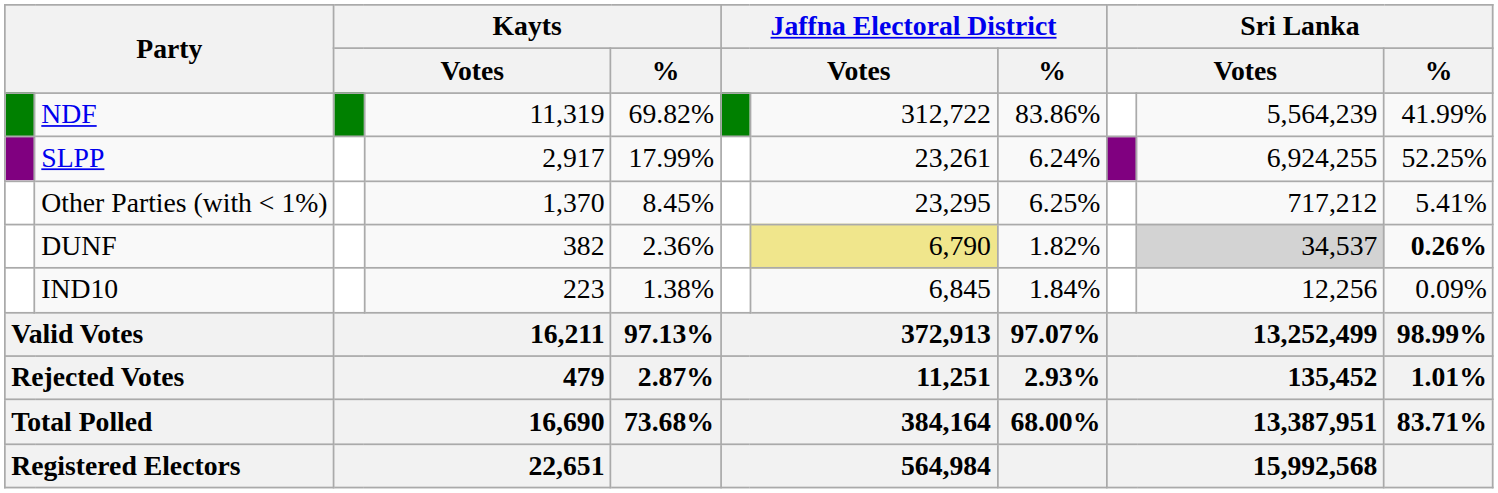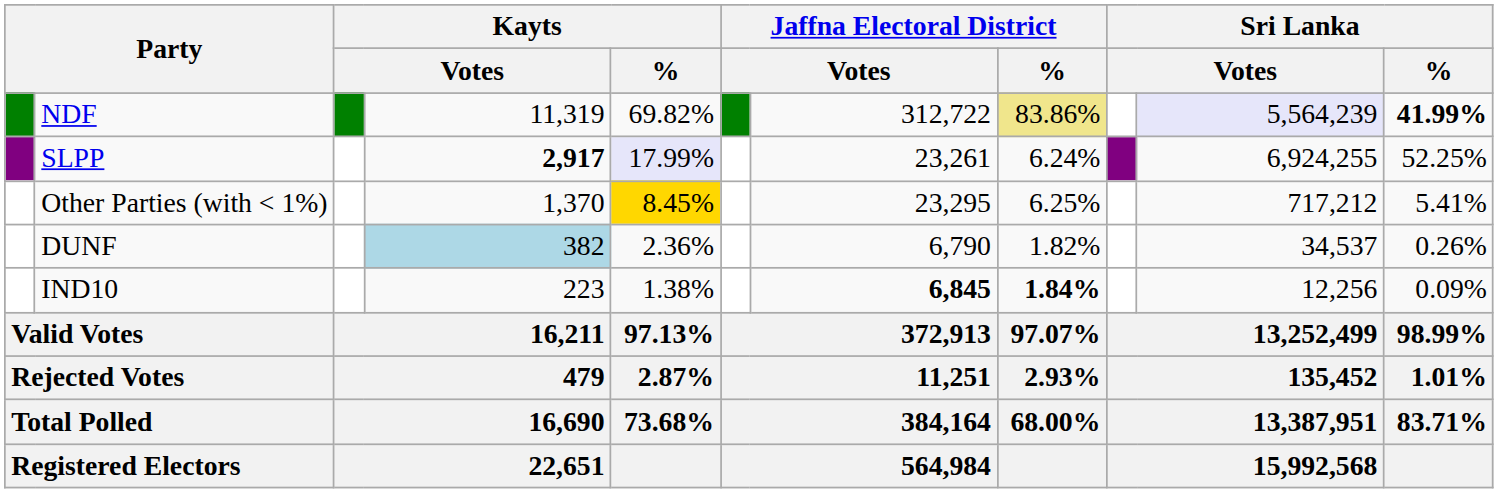 <table class="wikitable">
 <tr>
 <th colspan="2" width="144px"rowspan="2">Party</th>
 <th colspan="3" width="216px">Kayts</th>
 <th colspan="3" width="216px"><a href='#'>Jaffna Electoral District</a></th>
 <th colspan="3" width="216px">Sri Lanka</th>
 </tr>
 <tr>
 <th colspan="2" width="144px">Votes</th>
 <th>%</th>
 <th colspan="2" width="144px">Votes</th>
 <th>%</th>
 <th colspan="2" width="144px">Votes</th>
 <th>%</th>
 </tr>
 <tr>
 <td style="background-color:green;" width="10px"></td>
 <td style="text-align:left;"><a href='#'>NDF</a></td>
 <td style="background-color:green;" width="10px"></td>
 <td style="text-align:right;">11,319</td>
 <td style="text-align:right;">69.82%</td>
 <td style="background-color:green;" width="10px"></td>
 <td style="text-align:right;">312,722</td>
-<td style="text-align:right;">83.86%</td>
+<td style="background: khaki; text-align:right;">83.86%</td>
 <td style="background-color:white;" width="10px"></td>
-<td style="text-align:right;">5,564,239</td>
-<td style="text-align:right;">41.99%</td>
+<td style="background: lavender; text-align:right;">5,564,239</td>
+<td style="text-align:right;"><strong>41.99%</strong></td>
 </tr>
 <tr>
 <td style="background-color:purple;" width="10px"></td>
 <td style="text-align:left;"><a href='#'>SLPP</a></td>
 <td style="background-color:white;" width="10px"></td>
-<td style="text-align:right;">2,917</td>
-<td style="text-align:right;">17.99%</td>
+<td style="text-align:right;"><strong>2,917</strong></td>
+<td style="background: lavender; text-align:right;">17.99%</td>
 <td style="background-color:white;" width="10px"></td>
 <td style="text-align:right;">23,261</td>
 <td style="text-align:right;">6.24%</td>
 <td style="background-color:purple;" width="10px"></td>
 <td style="text-align:right;">6,924,255</td>
 <td style="text-align:right;">52.25%</td>
 </tr>
 <tr>
 <td style="background-color:white;" width="10px"></td>
 <td style="text-align:left;">Other Parties (with < 1%)</td>
 <td style="background-color:white;" width="10px"></td>
 <td style="text-align:right;">1,370</td>
-<td style="text-align:right;">8.45%</td>
+<td style="background: gold; text-align:right;">8.45%</td>
 <td style="background-color:white;" width="10px"></td>
 <td style="text-align:right;">23,295</td>
 <td style="text-align:right;">6.25%</td>
 <td style="background-color:white;" width="10px"></td>
 <td style="text-align:right;">717,212</td>
 <td style="text-align:right;">5.41%</td>
 </tr>
 <tr>
 <td style="background-color:white;" width="10px"></td>
 <td style="text-align:left;">DUNF</td>
 <td style="background-color:white;" width="10px"></td>
-<td style="text-align:right;">382</td>
+<td style="background: lightblue; text-align:right;">382</td>
 <td style="text-align:right;">2.36%</td>
 <td style="background-color:white;" width="10px"></td>
-<td style="background: khaki; text-align:right;">6,790</td>
+<td style="text-align:right;">6,790</td>
 <td style="text-align:right;">1.82%</td>
 <td style="background-color:white;" width="10px"></td>
-<td style="background: lightgrey; text-align:right;">34,537</td>
-<td style="text-align:right;"><strong>0.26%</strong></td>
+<td style="text-align:right;">34,537</td>
+<td style="text-align:right;">0.26%</td>
 </tr>
 <tr>
 <td style="background-color:white;" width="10px"></td>
 <td style="text-align:left;">IND10</td>
 <td style="background-color:white;" width="10px"></td>
 <td style="text-align:right;">223</td>
 <td style="text-align:right;">1.38%</td>
 <td style="background-color:white;" width="10px"></td>
-<td style="text-align:right;">6,845</td>
-<td style="text-align:right;">1.84%</td>
+<td style="text-align:right;"><strong>6,845</strong></td>
+<td style="text-align:right;"><strong>1.84%</strong></td>
 <td style="background-color:white;" width="10px"></td>
 <td style="text-align:right;">12,256</td>
 <td style="text-align:right;">0.09%</td>
 </tr>
 <tr>
 <th colspan="2" width="144px"style="text-align:left;">Valid Votes</th>
 <th style="text-align:right;"colspan="2" width="144px">16,211</th>
 <th style="text-align:right;">97.13%</th>
 <th style="text-align:right;"colspan="2" width="144px">372,913</th>
 <th style="text-align:right;">97.07%</th>
 <th style="text-align:right;"colspan="2" width="144px">13,252,499</th>
 <th style="text-align:right;">98.99%</th>
 </tr>
 <tr>
 <th colspan="2" width="144px"style="text-align:left;">Rejected Votes</th>
 <th style="text-align:right;"colspan="2" width="144px">479</th>
 <th style="text-align:right;">2.87%</th>
 <th style="text-align:right;"colspan="2" width="144px">11,251</th>
 <th style="text-align:right;">2.93%</th>
 <th style="text-align:right;"colspan="2" width="144px">135,452</th>
 <th style="text-align:right;">1.01%</th>
 </tr>
 <tr>
 <th colspan="2" width="144px"style="text-align:left;">Total Polled</th>
 <th style="text-align:right;"colspan="2" width="144px">16,690</th>
 <th style="text-align:right;">73.68%</th>
 <th style="text-align:right;"colspan="2" width="144px">384,164</th>
 <th style="text-align:right;">68.00%</th>
 <th style="text-align:right;"colspan="2" width="144px">13,387,951</th>
 <th style="text-align:right;">83.71%</th>
 </tr>
 <tr>
 <th colspan="2" width="144px"style="text-align:left;">Registered Electors</th>
 <th style="text-align:right;"colspan="2" width="144px">22,651</th>
 <th></th>
 <th style="text-align:right;"colspan="2" width="144px">564,984</th>
 <th></th>
 <th style="text-align:right;"colspan="2" width="144px">15,992,568</th>
 <th></th>
 </tr>
 </table>
